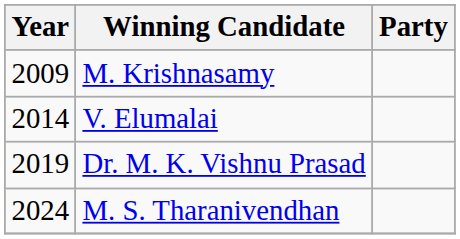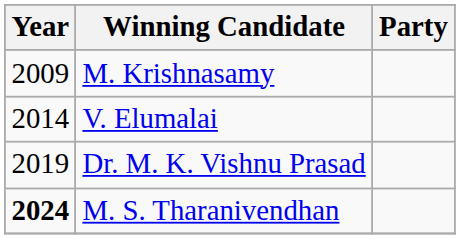 <table class="wikitable sortable">
 <tr>
 <th>Year</th>
 <th>Winning Candidate</th>
 <th colspan="2">Party</th>
 </tr>
 <tr>
 <td>2009</td>
 <td><a href='#'>M. Krishnasamy</a></td>
 <td></td>
 </tr>
 <tr --->
 <td>2014</td>
 <td><a href='#'>V. Elumalai</a></td>
 <td></td>
 </tr>
 <tr --->
 <td>2019</td>
 <td><a href='#'>Dr. M. K. Vishnu Prasad</a></td>
 <td></td>
 </tr>
 <tr>
-<td>2024</td>
+<td><strong>2024</strong></td>
 <td><a href='#'>M. S. Tharanivendhan</a></td>
 <td></td>
 </tr>
 <tr --->
 </tr>
 </table>
